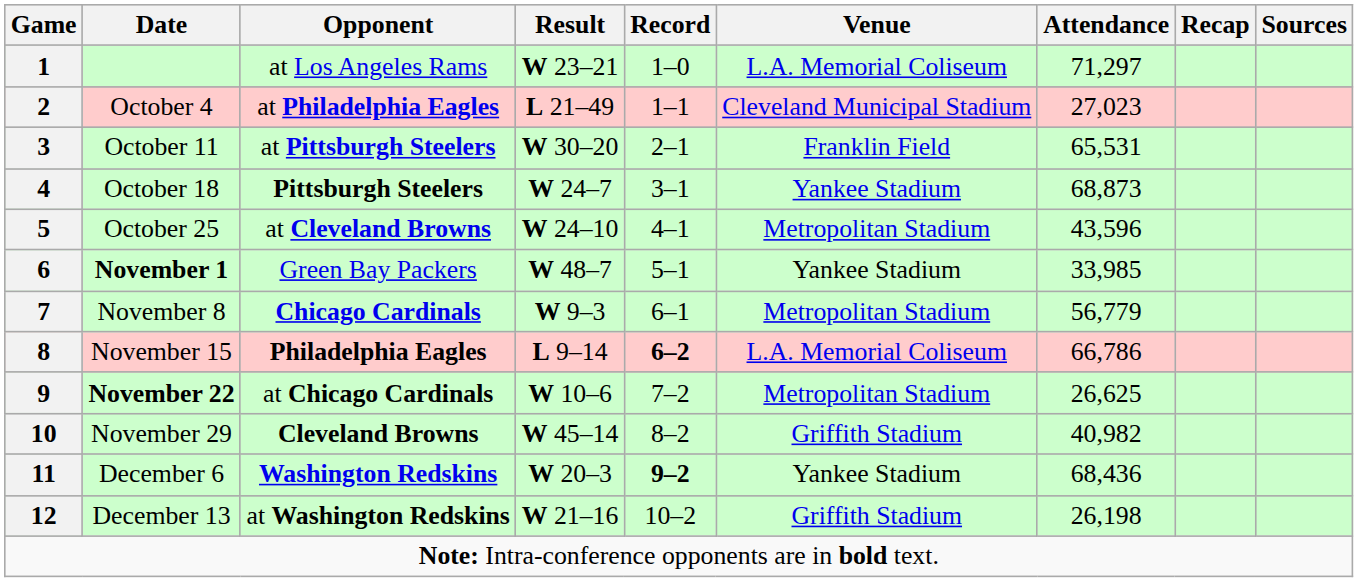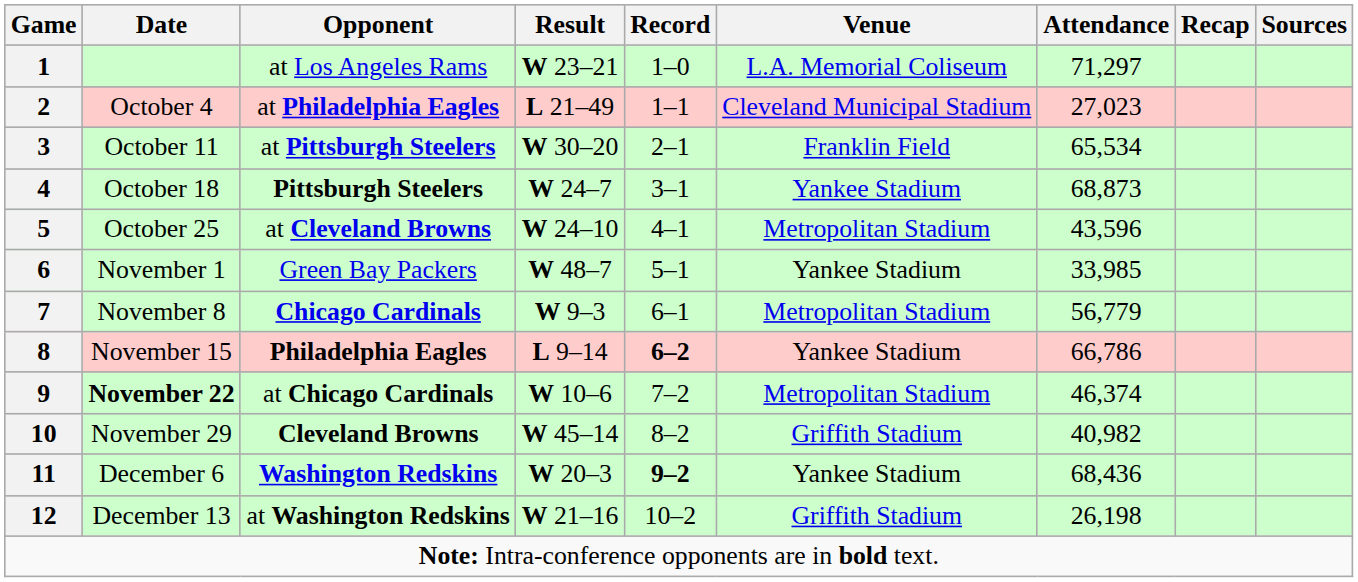 <table class="wikitable" style="text-align:center">
 <tr>
 <th>Game</th>
 <th>Date</th>
 <th>Opponent</th>
 <th>Result</th>
 <th>Record</th>
 <th>Venue</th>
 <th>Attendance</th>
 <th>Recap</th>
 <th>Sources</th>
 </tr>
 <tr style="background:#cfc">
 <th>1</th>
 <td></td>
 <td>at <a href='#'>Los Angeles Rams</a></td>
 <td><strong>W</strong> 23–21</td>
 <td>1–0</td>
 <td><a href='#'>L.A. Memorial Coliseum</a></td>
 <td>71,297</td>
 <td></td>
 <td></td>
 </tr>
 <tr style="background:#fcc">
 <th>2</th>
 <td>October 4</td>
 <td>at <strong><a href='#'>Philadelphia Eagles</a></strong></td>
 <td><strong>L</strong> 21–49</td>
 <td>1–1</td>
 <td><a href='#'>Cleveland Municipal Stadium</a></td>
 <td>27,023</td>
 <td></td>
 <td></td>
 </tr>
 <tr style="background:#cfc">
 <th>3</th>
 <td>October 11</td>
 <td>at <strong><a href='#'>Pittsburgh Steelers</a></strong></td>
 <td><strong>W</strong> 30–20</td>
 <td>2–1</td>
 <td><a href='#'>Franklin Field</a></td>
-<td>65,531</td>
+<td>65,534</td>
 <td></td>
 <td></td>
 </tr>
 <tr style="background:#cfc">
 <th>4</th>
 <td>October 18</td>
 <td><strong>Pittsburgh Steelers</strong></td>
 <td><strong>W</strong> 24–7</td>
 <td>3–1</td>
 <td><a href='#'>Yankee Stadium</a></td>
 <td>68,873</td>
 <td></td>
 <td></td>
 </tr>
 <tr style="background:#cfc">
 <th>5</th>
 <td>October 25</td>
 <td>at <strong><a href='#'>Cleveland Browns</a></strong></td>
 <td><strong>W</strong> 24–10</td>
 <td>4–1</td>
 <td><a href='#'>Metropolitan Stadium</a></td>
 <td>43,596</td>
 <td></td>
 <td></td>
 </tr>
 <tr style="background:#cfc">
 <th>6</th>
-<td><strong>November 1</strong></td>
+<td>November 1</td>
 <td><a href='#'>Green Bay Packers</a></td>
 <td><strong>W</strong> 48–7</td>
 <td>5–1</td>
 <td>Yankee Stadium</td>
 <td>33,985</td>
 <td></td>
 <td></td>
 </tr>
 <tr style="background:#cfc">
 <th>7</th>
 <td>November 8</td>
 <td><strong><a href='#'>Chicago Cardinals</a></strong></td>
 <td><strong>W</strong> 9–3</td>
 <td>6–1</td>
 <td><a href='#'>Metropolitan Stadium</a></td>
 <td>56,779</td>
 <td></td>
 <td></td>
 </tr>
 <tr style="background:#fcc">
 <th>8</th>
 <td>November 15</td>
 <td><strong>Philadelphia Eagles</strong></td>
 <td><strong>L</strong> 9–14</td>
 <td><strong>6–2</strong></td>
-<td><a href='#'>L.A. Memorial Coliseum</a></td>
+<td>Yankee Stadium</td>
 <td>66,786</td>
 <td></td>
 <td></td>
 </tr>
 <tr style="background:#cfc">
 <th>9</th>
 <td><strong>November 22</strong></td>
 <td>at <strong>Chicago Cardinals</strong></td>
 <td><strong>W</strong> 10–6</td>
 <td>7–2</td>
 <td><a href='#'>Metropolitan Stadium</a></td>
-<td>26,625</td>
+<td>46,374</td>
 <td></td>
 <td></td>
 </tr>
 <tr style="background:#cfc">
 <th>10</th>
 <td>November 29</td>
 <td><strong>Cleveland Browns</strong></td>
 <td><strong>W</strong> 45–14</td>
 <td>8–2</td>
 <td><a href='#'>Griffith Stadium</a></td>
 <td>40,982</td>
 <td></td>
 <td></td>
 </tr>
 <tr style="background:#cfc">
 <th>11</th>
 <td>December 6</td>
 <td><strong><a href='#'>Washington Redskins</a></strong></td>
 <td><strong>W</strong> 20–3</td>
 <td><strong>9–2</strong></td>
 <td>Yankee Stadium</td>
 <td>68,436</td>
 <td></td>
 <td></td>
 </tr>
 <tr style="background:#cfc">
 <th>12</th>
 <td>December 13</td>
 <td>at <strong>Washington Redskins</strong></td>
 <td><strong>W</strong> 21–16</td>
 <td>10–2</td>
 <td><a href='#'>Griffith Stadium</a></td>
 <td>26,198</td>
 <td></td>
 <td></td>
 </tr>
 <tr>
 <td colspan="10"><strong>Note:</strong> Intra-conference opponents are in <strong>bold</strong> text.</td>
 </tr>
 </table>
